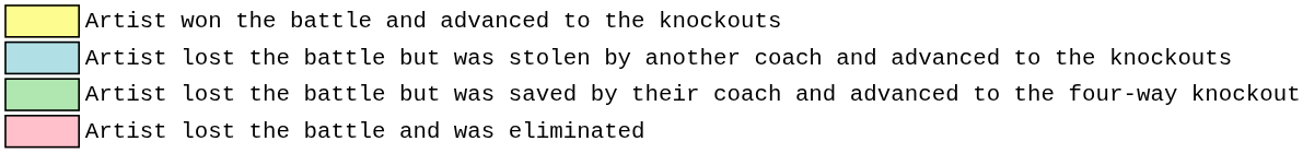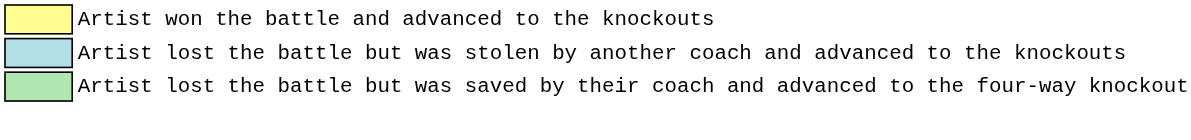 <table class="toccolours" style="font-size: 100%; white-space: nowrap”">
 <tr>
 <td style="background:#fdfc8f; border:1px solid black">     </td>
 <td>Artist won the battle and advanced to the knockouts</td>
 </tr>
 <tr>
 <td style="background:#b0e0e6; border:1px solid black">     </td>
 <td>Artist lost the battle but was stolen by another coach and advanced to the knockouts</td>
 </tr>
 <tr>
 <td style="background:#b0e6b0; border:1px solid black">     </td>
 <td>Artist lost the battle but was saved by their coach and advanced to the four-way knockout</td>
 </tr>
-<tr>
-<td style="background:pink; border:1px solid black">     </td>
-<td>Artist lost the battle and was eliminated</td>
-</tr>
 </table>
